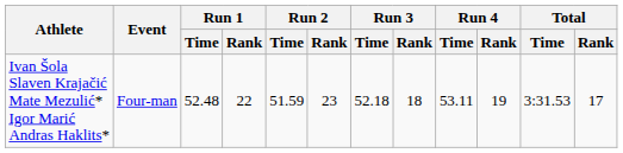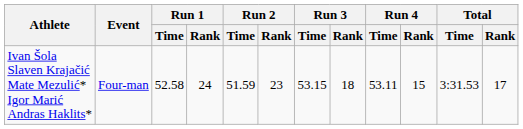 <table class="wikitable">
 <tr>
 <th rowspan="2">Athlete</th>
 <th rowspan="2">Event</th>
 <th colspan="2">Run 1</th>
 <th colspan="2">Run 2</th>
 <th colspan="2">Run 3</th>
 <th colspan="2">Run 4</th>
 <th colspan="2">Total</th>
 </tr>
 <tr>
 <th>Time</th>
 <th>Rank</th>
 <th>Time</th>
 <th>Rank</th>
 <th>Time</th>
 <th>Rank</th>
 <th>Time</th>
 <th>Rank</th>
 <th>Time</th>
 <th>Rank</th>
 </tr>
 <tr>
 <td><a href='#'>Ivan Šola</a><br><a href='#'>Slaven Krajačić</a><br><a href='#'>Mate Mezulić</a>*<br><a href='#'>Igor Marić</a><br><a href='#'>Andras Haklits</a>*</td>
 <td><a href='#'>Four-man</a></td>
-<td align="center">52.48</td>
-<td align="center">22</td>
+<td align="center">52.58</td>
+<td align="center">24</td>
 <td align="center">51.59</td>
 <td align="center">23</td>
-<td align="center">52.18</td>
+<td align="center">53.15</td>
 <td align="center">18</td>
 <td align="center">53.11</td>
-<td align="center">19</td>
+<td align="center">15</td>
 <td align="center">3:31.53</td>
 <td align="center">17</td>
 </tr>
 </table>
